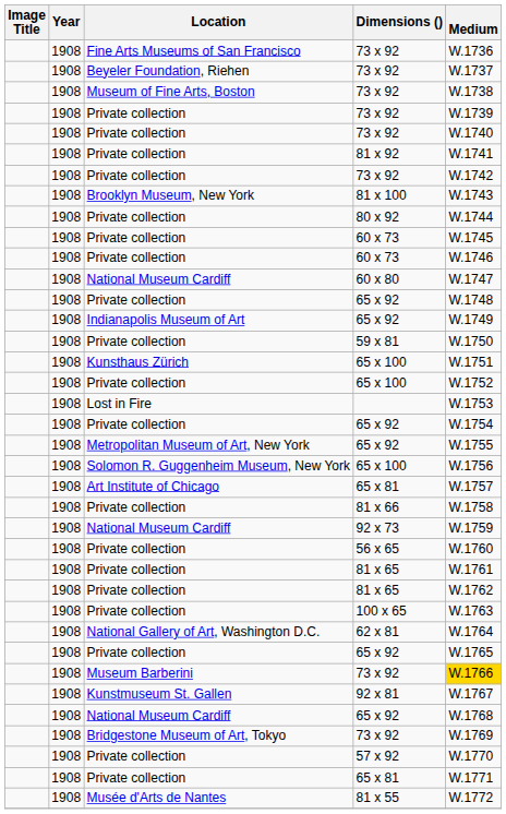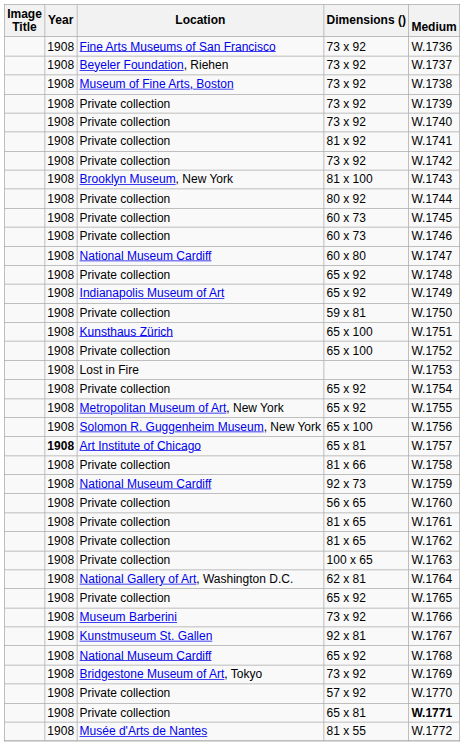 <table class="sortable wikitable" style="margin-left:0.5em; text-align:left">
 <tr>
 <th>Image<br>Title</th>
 <th>Year</th>
 <th>Location</th>
 <th>Dimensions ()</th>
 <th><br>Medium</th>
 </tr>
 <tr>
 <td></td>
 <td>1908</td>
 <td><a href='#'>Fine Arts Museums of San Francisco</a></td>
 <td>73 x 92</td>
 <td>W.1736</td>
 </tr>
 <tr>
 <td></td>
 <td>1908</td>
 <td><a href='#'>Beyeler Foundation</a>, Riehen</td>
 <td>73 x 92</td>
 <td>W.1737</td>
 </tr>
 <tr>
 <td></td>
 <td>1908</td>
 <td><a href='#'>Museum of Fine Arts, Boston</a></td>
 <td>73 x 92</td>
 <td>W.1738</td>
 </tr>
 <tr>
 <td></td>
 <td>1908</td>
 <td>Private collection</td>
 <td>73 x 92</td>
 <td>W.1739</td>
 </tr>
 <tr>
 <td></td>
 <td>1908</td>
 <td>Private collection</td>
 <td>73 x 92</td>
 <td>W.1740</td>
 </tr>
 <tr>
 <td></td>
 <td>1908</td>
 <td>Private collection</td>
 <td>81 x 92</td>
 <td>W.1741</td>
 </tr>
 <tr>
 <td></td>
 <td>1908</td>
 <td>Private collection</td>
 <td>73 x 92</td>
 <td>W.1742</td>
 </tr>
 <tr>
 <td></td>
 <td>1908</td>
 <td><a href='#'>Brooklyn Museum</a>, New York</td>
 <td>81 x 100</td>
 <td>W.1743</td>
 </tr>
 <tr>
 <td></td>
 <td>1908 </td>
 <td>Private collection</td>
 <td>80 x 92</td>
 <td>W.1744</td>
 </tr>
 <tr>
 <td></td>
 <td>1908</td>
 <td>Private collection</td>
 <td>60 x 73</td>
 <td>W.1745</td>
 </tr>
 <tr>
 <td></td>
 <td>1908</td>
 <td>Private collection</td>
 <td>60 x 73</td>
 <td>W.1746</td>
 </tr>
 <tr>
 <td></td>
 <td>1908</td>
 <td><a href='#'>National Museum Cardiff</a></td>
 <td>60 x 80</td>
 <td>W.1747</td>
 </tr>
 <tr>
 <td></td>
 <td>1908</td>
 <td>Private collection</td>
 <td>65 x 92</td>
 <td>W.1748</td>
 </tr>
 <tr>
 <td></td>
 <td>1908</td>
 <td><a href='#'>Indianapolis Museum of Art</a></td>
 <td>65 x 92</td>
 <td>W.1749</td>
 </tr>
 <tr>
 <td></td>
 <td>1908</td>
 <td>Private collection</td>
 <td>59 x 81</td>
 <td>W.1750</td>
 </tr>
 <tr>
 <td></td>
 <td>1908</td>
 <td><a href='#'>Kunsthaus Zürich</a></td>
 <td>65 x 100</td>
 <td>W.1751</td>
 </tr>
 <tr>
 <td></td>
 <td>1908</td>
 <td>Private collection</td>
 <td>65 x 100</td>
 <td>W.1752</td>
 </tr>
 <tr>
 <td></td>
 <td>1908</td>
 <td>Lost in Fire</td>
 <td></td>
 <td>W.1753</td>
 </tr>
 <tr>
 <td></td>
 <td>1908</td>
 <td>Private collection</td>
 <td>65 x 92</td>
 <td>W.1754</td>
 </tr>
 <tr>
 <td></td>
 <td>1908</td>
 <td><a href='#'>Metropolitan Museum of Art</a>, New York</td>
 <td>65 x 92</td>
 <td>W.1755</td>
 </tr>
 <tr>
 <td></td>
 <td>1908</td>
 <td><a href='#'>Solomon R. Guggenheim Museum</a>, New York</td>
 <td>65 x 100</td>
 <td>W.1756</td>
 </tr>
 <tr>
 <td></td>
-<td>1908</td>
+<td><strong>1908</strong></td>
 <td><a href='#'>Art Institute of Chicago</a></td>
 <td>65 x 81</td>
 <td>W.1757</td>
 </tr>
 <tr>
 <td></td>
 <td>1908</td>
 <td>Private collection</td>
 <td>81 x 66</td>
 <td>W.1758</td>
 </tr>
 <tr>
 <td></td>
 <td>1908</td>
 <td><a href='#'>National Museum Cardiff</a></td>
 <td>92 x 73</td>
 <td>W.1759</td>
 </tr>
 <tr>
 <td></td>
 <td>1908</td>
 <td>Private collection</td>
 <td>56 x 65</td>
 <td>W.1760</td>
 </tr>
 <tr>
 <td></td>
 <td>1908</td>
 <td>Private collection</td>
 <td>81 x 65</td>
 <td>W.1761</td>
 </tr>
 <tr>
 <td></td>
 <td>1908</td>
 <td>Private collection</td>
 <td>81 x 65</td>
 <td>W.1762</td>
 </tr>
 <tr>
 <td></td>
 <td>1908</td>
 <td>Private collection</td>
 <td>100 x 65</td>
 <td>W.1763</td>
 </tr>
 <tr>
 <td></td>
 <td>1908</td>
 <td><a href='#'>National Gallery of Art</a>, Washington D.C.</td>
 <td>62 x 81</td>
 <td>W.1764</td>
 </tr>
 <tr>
 <td></td>
 <td>1908</td>
 <td>Private collection</td>
 <td>65 x 92</td>
 <td>W.1765</td>
 </tr>
 <tr>
 <td></td>
 <td>1908</td>
 <td><a href='#'>Museum Barberini</a></td>
 <td>73 x 92</td>
-<td style="background: gold;">W.1766</td>
+<td>W.1766</td>
 </tr>
 <tr>
 <td></td>
 <td>1908</td>
 <td><a href='#'>Kunstmuseum St. Gallen</a></td>
 <td>92 x 81</td>
 <td>W.1767</td>
 </tr>
 <tr>
 <td></td>
 <td>1908</td>
 <td><a href='#'>National Museum Cardiff</a></td>
 <td>65 x 92</td>
 <td>W.1768</td>
 </tr>
 <tr>
 <td></td>
 <td>1908</td>
 <td><a href='#'>Bridgestone Museum of Art</a>, Tokyo</td>
 <td>73 x 92</td>
 <td>W.1769</td>
 </tr>
 <tr>
 <td></td>
 <td>1908</td>
 <td>Private collection</td>
 <td>57 x 92</td>
 <td>W.1770</td>
 </tr>
 <tr>
 <td></td>
 <td>1908</td>
 <td>Private collection</td>
 <td>65 x 81</td>
-<td>W.1771</td>
+<td><strong>W.1771</strong></td>
 </tr>
 <tr>
 <td></td>
 <td>1908</td>
 <td><a href='#'>Musée d'Arts de Nantes</a></td>
 <td>81 x 55</td>
 <td>W.1772</td>
 </tr>
 <tr>
 </tr>
 </table>
